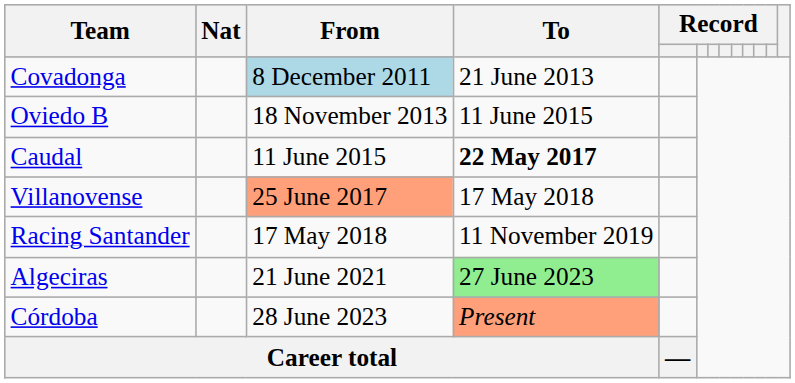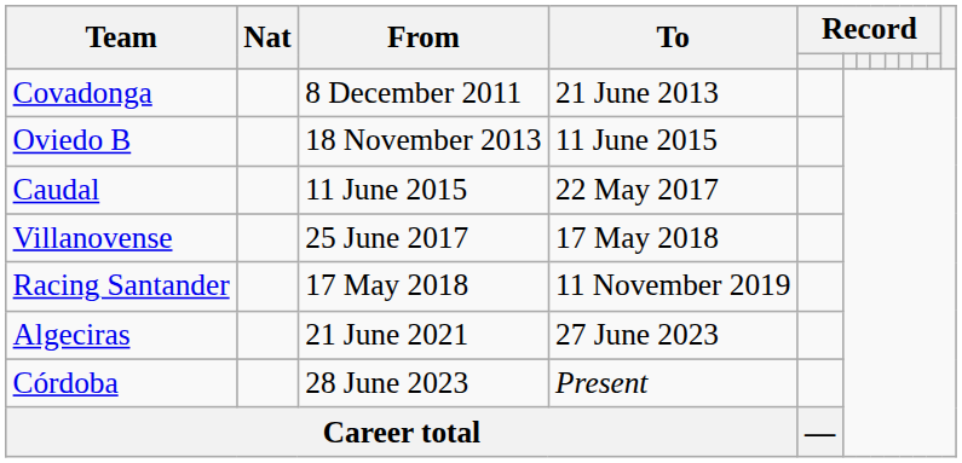 <table class="wikitable" style="text-align: center">
 <tr>
 <th rowspan="2">Team</th>
 <th rowspan="2">Nat</th>
 <th rowspan="2">From</th>
 <th rowspan="2">To</th>
 <th colspan="8">Record</th>
 <th rowspan=2></th>
 </tr>
 <tr>
 <th></th>
 <th></th>
 <th></th>
 <th></th>
 <th></th>
 <th></th>
 <th></th>
 <th></th>
 </tr>
 <tr>
 <td align="left"><a href='#'>Covadonga</a></td>
 <td></td>
-<td align=left style="background: lightblue;">8 December 2011</td>
+<td align=left>8 December 2011</td>
 <td align=left>21 June 2013<br></td>
 <td></td>
 </tr>
 <tr>
 <td align="left"><a href='#'>Oviedo B</a></td>
 <td></td>
 <td align=left>18 November 2013</td>
 <td align=left>11 June 2015<br></td>
 <td></td>
 </tr>
 <tr>
 <td align="left"><a href='#'>Caudal</a></td>
 <td></td>
 <td align=left>11 June 2015</td>
-<td align=left><strong>22 May 2017<br></strong></td>
+<td align=left>22 May 2017<br></td>
 <td></td>
 </tr>
 <tr>
 <td align="left"><a href='#'>Villanovense</a></td>
 <td></td>
-<td align=left style="background: lightsalmon;">25 June 2017</td>
+<td align=left>25 June 2017</td>
 <td align=left>17 May 2018<br></td>
 <td></td>
 </tr>
 <tr>
 <td align="left"><a href='#'>Racing Santander</a></td>
 <td></td>
 <td align=left>17 May 2018</td>
 <td align=left>11 November 2019<br></td>
 <td></td>
 </tr>
 <tr>
 <td align="left"><a href='#'>Algeciras</a></td>
 <td></td>
 <td align=left>21 June 2021</td>
-<td align=left style="background: lightgreen;">27 June 2023<br></td>
+<td align=left>27 June 2023<br></td>
 <td></td>
 </tr>
 <tr>
 <td align="left"><a href='#'>Córdoba</a></td>
 <td></td>
 <td align=left>28 June 2023</td>
-<td align=left style="background: lightsalmon;"><em>Present</em><br></td>
+<td align=left><em>Present</em><br></td>
 <td></td>
 </tr>
 <tr>
 <th colspan=4>Career total<br></th>
 <th>—</th>
 </tr>
 </table>
